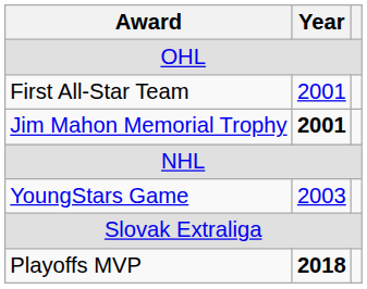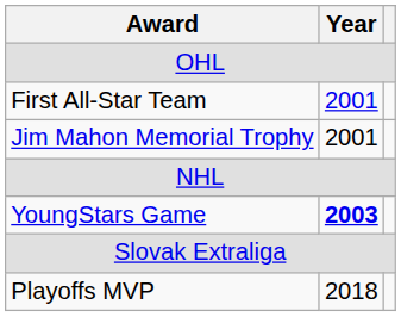 <table class="wikitable">
 <tr>
 <th>Award</th>
 <th>Year</th>
 <th></th>
 </tr>
 <tr ALIGN="center" bgcolor="#e0e0e0">
 <td colspan="3"><a href='#'>OHL</a></td>
 </tr>
 <tr>
 <td>First All-Star Team</td>
 <td><a href='#'>2001</a></td>
 <td></td>
 </tr>
 <tr>
 <td><a href='#'>Jim Mahon Memorial Trophy</a></td>
-<td><strong>2001</strong></td>
+<td>2001</td>
 <td></td>
 </tr>
 <tr ALIGN="center" bgcolor="#e0e0e0">
 <td colspan="3"><a href='#'>NHL</a></td>
 </tr>
 <tr>
 <td><a href='#'>YoungStars Game</a></td>
-<td><a href='#'>2003</a></td>
+<td><strong><a href='#'>2003</a></strong></td>
 <td></td>
 </tr>
 <tr ALIGN="center" bgcolor="#e0e0e0">
 <td colspan="3"><a href='#'>Slovak Extraliga</a></td>
 </tr>
 <tr>
 <td>Playoffs MVP</td>
-<td><strong>2018</strong></td>
+<td>2018</td>
 <td></td>
 </tr>
 </table>
